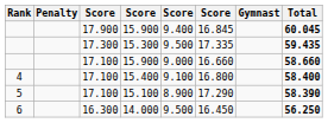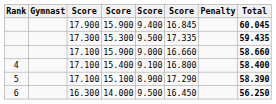 <table class="wikitable sortable" style="text-align:center">
 <tr>
 <th>Rank</th>
-<th>Penalty</th>
+<th>Gymnast</th>
 <th> Score</th>
 <th> Score</th>
 <th> Score</th>
 <th> Score</th>
-<th>Gymnast</th>
+<th>Penalty</th>
 <th>Total</th>
 </tr>
 <tr>
 <td></td>
-<td></td>
+<td align=left></td>
 <td>17.900</td>
 <td>15.900</td>
 <td>9.400</td>
 <td>16.845</td>
-<td align=left></td>
+<td></td>
 <td><strong>60.045</strong></td>
 </tr>
 <tr>
 <td></td>
-<td></td>
+<td align=left></td>
 <td>17.300</td>
 <td>15.300</td>
 <td>9.500</td>
 <td>17.335</td>
-<td align=left></td>
+<td></td>
 <td><strong>59.435</strong></td>
 </tr>
 <tr>
 <td></td>
-<td></td>
+<td align=left></td>
 <td>17.100</td>
 <td>15.900</td>
 <td>9.000</td>
 <td>16.660</td>
-<td align=left></td>
+<td></td>
 <td><strong>58.660</strong></td>
 </tr>
 <tr>
 <td>4</td>
-<td></td>
+<td align=left></td>
 <td>17.100</td>
 <td>15.400</td>
 <td>9.100</td>
 <td>16.800</td>
-<td align=left></td>
+<td></td>
 <td><strong>58.400</strong></td>
 </tr>
 <tr>
 <td>5</td>
-<td></td>
+<td align=left></td>
 <td>17.100</td>
 <td>15.100</td>
 <td>8.900</td>
 <td>17.290</td>
-<td align=left></td>
+<td></td>
 <td><strong>58.390</strong></td>
 </tr>
 <tr>
 <td>6</td>
-<td></td>
+<td align=left></td>
 <td>16.300</td>
 <td>14.000</td>
 <td>9.500</td>
 <td>16.450</td>
-<td align=left></td>
+<td></td>
 <td><strong>56.250</strong></td>
 </tr>
 </table>
